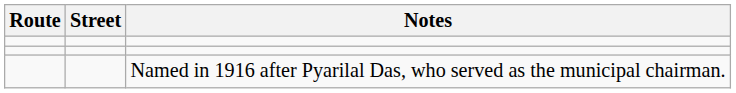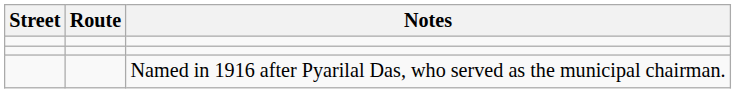 <table class="wikitable">
 <tr>
+<th>Street</th>
 <th>Route</th>
-<th>Street</th>
 <th>Notes</th>
 </tr>
 <tr>
 <td></td>
 <td></td>
 <td></td>
 </tr>
 <tr>
 <td></td>
 <td></td>
 <td></td>
 </tr>
 <tr>
 <td></td>
 <td></td>
 <td>Named in 1916 after Pyarilal Das, who served as the municipal chairman.</td>
 </tr>
 </table>
